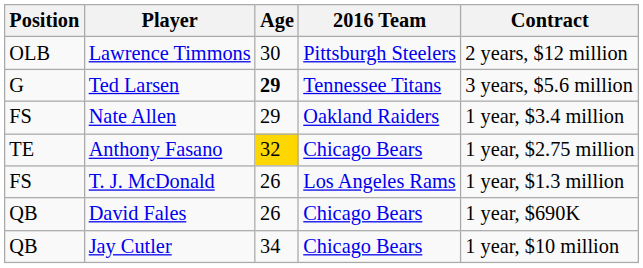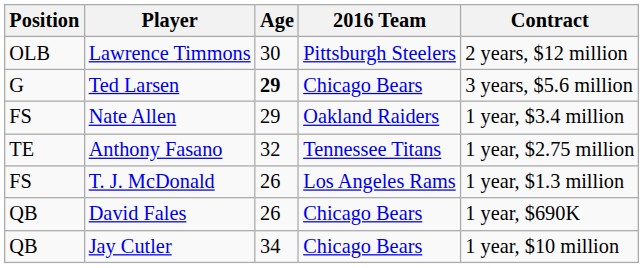 <table class="wikitable">
 <tr>
 <th>Position</th>
 <th>Player</th>
 <th>Age</th>
 <th>2016 Team</th>
 <th>Contract</th>
 </tr>
 <tr>
 <td>OLB</td>
 <td><a href='#'>Lawrence Timmons</a></td>
 <td>30</td>
 <td><a href='#'>Pittsburgh Steelers</a></td>
 <td>2 years, $12 million</td>
 </tr>
 <tr>
 <td>G</td>
 <td><a href='#'>Ted Larsen</a></td>
 <td><strong>29</strong></td>
-<td><a href='#'>Tennessee Titans</a></td>
+<td><a href='#'>Chicago Bears</a></td>
 <td>3 years, $5.6 million</td>
 </tr>
 <tr>
 <td>FS</td>
 <td><a href='#'>Nate Allen</a></td>
 <td>29</td>
 <td><a href='#'>Oakland Raiders</a></td>
 <td>1 year, $3.4 million</td>
 </tr>
 <tr>
 <td>TE</td>
 <td><a href='#'>Anthony Fasano</a></td>
-<td style="background: gold;">32</td>
-<td><a href='#'>Chicago Bears</a></td>
+<td>32</td>
+<td><a href='#'>Tennessee Titans</a></td>
 <td>1 year, $2.75 million</td>
 </tr>
 <tr>
 <td>FS</td>
 <td><a href='#'>T. J. McDonald</a></td>
 <td>26</td>
 <td><a href='#'>Los Angeles Rams</a></td>
 <td>1 year, $1.3 million</td>
 </tr>
 <tr>
 <td>QB</td>
 <td><a href='#'>David Fales</a></td>
 <td>26</td>
 <td><a href='#'>Chicago Bears</a></td>
 <td>1 year, $690K</td>
 </tr>
 <tr>
 <td>QB</td>
 <td><a href='#'>Jay Cutler</a></td>
 <td>34</td>
 <td><a href='#'>Chicago Bears</a></td>
 <td>1 year, $10 million</td>
 </tr>
 </table>
